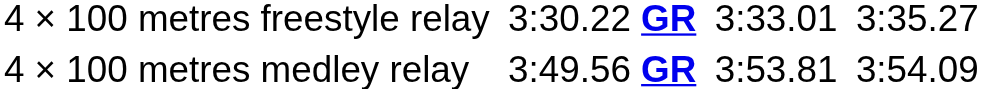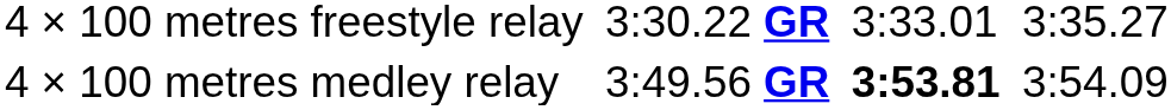 <table>
 <tr>
 <td>4 × 100 metres freestyle relay</td>
 <td></td>
 <td>3:30.22 <strong><a href='#'>GR</a></strong></td>
 <td></td>
 <td>3:33.01</td>
 <td></td>
 <td>3:35.27</td>
 </tr>
 <tr>
 <td>4 × 100 metres medley relay</td>
 <td></td>
 <td>3:49.56 <strong><a href='#'>GR</a></strong></td>
 <td></td>
-<td>3:53.81</td>
+<td><strong>3:53.81</strong></td>
 <td></td>
 <td>3:54.09</td>
 </tr>
 </table>
